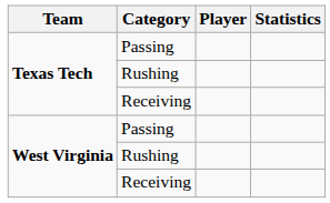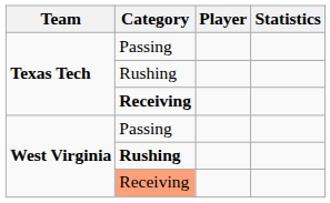 <table class="wikitable" style="float: right;">
 <tr>
 <th>Team</th>
 <th>Category</th>
 <th>Player</th>
 <th>Statistics</th>
 </tr>
 <tr>
 <td rowspan=3><strong>Texas Tech</strong></td>
 <td>Passing</td>
 <td></td>
 <td></td>
 </tr>
 <tr>
 <td>Rushing</td>
 <td></td>
 <td></td>
 </tr>
 <tr>
-<td>Receiving</td>
+<td><strong>Receiving</strong></td>
 <td></td>
 <td></td>
 </tr>
 <tr>
 <td rowspan=3><strong>West Virginia</strong></td>
 <td>Passing</td>
 <td></td>
 <td></td>
 </tr>
 <tr>
-<td>Rushing</td>
+<td><strong>Rushing</strong></td>
 <td></td>
 <td></td>
 </tr>
 <tr>
-<td>Receiving</td>
+<td style="background: lightsalmon;">Receiving</td>
 <td></td>
 <td></td>
 </tr>
 </table>
